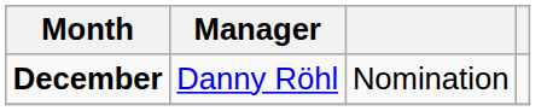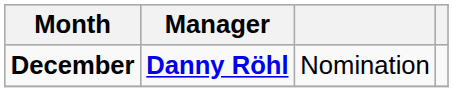 <table class="wikitable" style="text-align:left">
 <tr>
 <th>Month</th>
 <th>Manager</th>
 <th></th>
 <th></th>
 </tr>
 <tr>
 <td align="center"><strong>December</strong></td>
-<td> <a href='#'>Danny Röhl</a></td>
+<td><strong> <a href='#'>Danny Röhl</a></strong></td>
 <td>Nomination</td>
 <td align="center"></td>
 </tr>
 <tr>
 </tr>
 </table>
